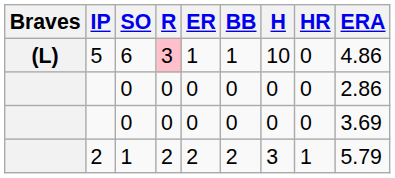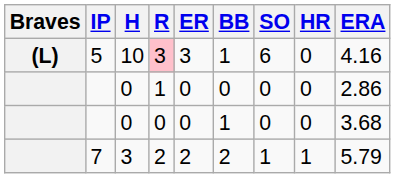 <table class="wikitable sortable plainrowheaders" style="font-size:95%;">
 <tr>
 <th>Braves</th>
 <th scope="col"><a href='#'>IP</a></th>
-<th scope="col"><a href='#'>SO</a></th>
+<th scope="col"><a href='#'>H</a></th>
 <th scope="col"><a href='#'>R</a></th>
 <th scope="col"><a href='#'>ER</a></th>
 <th scope="col"><a href='#'>BB</a></th>
-<th scope="col"><a href='#'>H</a></th>
+<th scope="col"><a href='#'>SO</a></th>
 <th scope="col"><a href='#'>HR</a></th>
 <th scope="col"><a href='#'>ERA</a></th>
 </tr>
 <tr>
 <th scope="row"> (L)</th>
 <td>5</td>
+<td>10</td>
+<td style="background: pink;">3</td>
+<td>3</td>
+<td>1</td>
 <td>6</td>
-<td style="background: pink;">3</td>
-<td>1</td>
-<td>1</td>
-<td>10</td>
 <td>0</td>
-<td>4.86</td>
+<td>4.16</td>
 </tr>
 <tr>
 <th scope="row"></th>
 <td></td>
 <td>0</td>
-<td>0</td>
+<td>1</td>
 <td>0</td>
 <td>0</td>
 <td>0</td>
 <td>0</td>
 <td>2.86</td>
 </tr>
 <tr>
 <th scope="row"></th>
 <td></td>
 <td>0</td>
 <td>0</td>
 <td>0</td>
+<td>1</td>
 <td>0</td>
 <td>0</td>
-<td>0</td>
-<td>3.69</td>
+<td>3.68</td>
 </tr>
 <tr>
 <th scope="row"></th>
-<td>2</td>
-<td>1</td>
+<td>7</td>
+<td>3</td>
 <td>2</td>
 <td>2</td>
 <td>2</td>
-<td>3</td>
+<td>1</td>
 <td>1</td>
 <td>5.79</td>
 </tr>
 </table>
